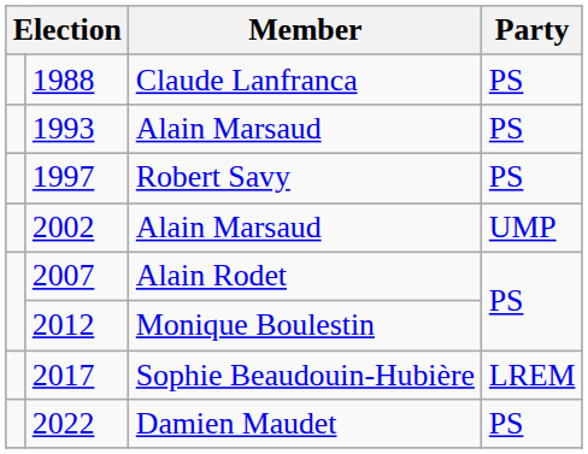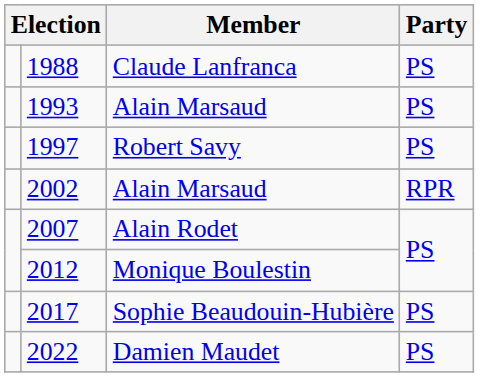 <table class="wikitable">
 <tr>
 <th colspan=2>Election</th>
 <th>Member</th>
 <th>Party</th>
 </tr>
 <tr>
 <td style="background-color: "></td>
 <td><a href='#'>1988</a></td>
 <td><a href='#'>Claude Lanfranca</a></td>
 <td><a href='#'>PS</a></td>
 </tr>
 <tr>
 <td style="background-color: "></td>
 <td><a href='#'>1993</a></td>
 <td><a href='#'>Alain Marsaud</a></td>
 <td><a href='#'>PS</a></td>
 </tr>
 <tr>
 <td style="background-color: "></td>
 <td><a href='#'>1997</a></td>
 <td><a href='#'>Robert Savy</a></td>
 <td><a href='#'>PS</a></td>
 </tr>
 <tr>
 <td style="background-color: "></td>
 <td><a href='#'>2002</a></td>
 <td><a href='#'>Alain Marsaud</a></td>
-<td><a href='#'>UMP</a></td>
+<td><a href='#'>RPR</a></td>
 </tr>
 <tr>
 <td rowspan="2" style="background-color: "></td>
 <td><a href='#'>2007</a></td>
 <td><a href='#'>Alain Rodet</a></td>
 <td rowspan="2"><a href='#'>PS</a></td>
 </tr>
 <tr>
 <td><a href='#'>2012</a></td>
 <td><a href='#'>Monique Boulestin</a></td>
 </tr>
 <tr>
 <td style="background-color: "></td>
 <td><a href='#'>2017</a></td>
 <td><a href='#'>Sophie Beaudouin-Hubière</a></td>
-<td><a href='#'>LREM</a></td>
+<td><a href='#'>PS</a></td>
 </tr>
 <tr>
 <td style="color:inherit;background:"></td>
 <td><a href='#'>2022</a></td>
 <td><a href='#'>Damien Maudet</a></td>
 <td><a href='#'>PS</a></td>
 </tr>
 </table>
